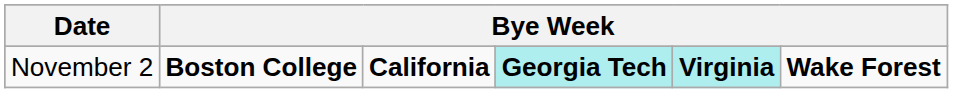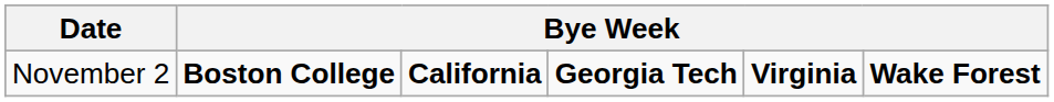 <table class="wikitable" style="font-size:95%;">
 <tr>
 <th>Date</th>
 <th colspan="5">Bye Week</th>
 </tr>
 <tr>
 <td>November 2</td>
 <td><strong>Boston College</strong></td>
 <td><strong>California</strong></td>
-<td style="background: paleturquoise;"><strong>Georgia Tech</strong></td>
-<td style="background: paleturquoise;"><strong>Virginia</strong></td>
+<td><strong>Georgia Tech</strong></td>
+<td><strong>Virginia</strong></td>
 <td><strong>Wake Forest</strong></td>
 </tr>
 </table>
